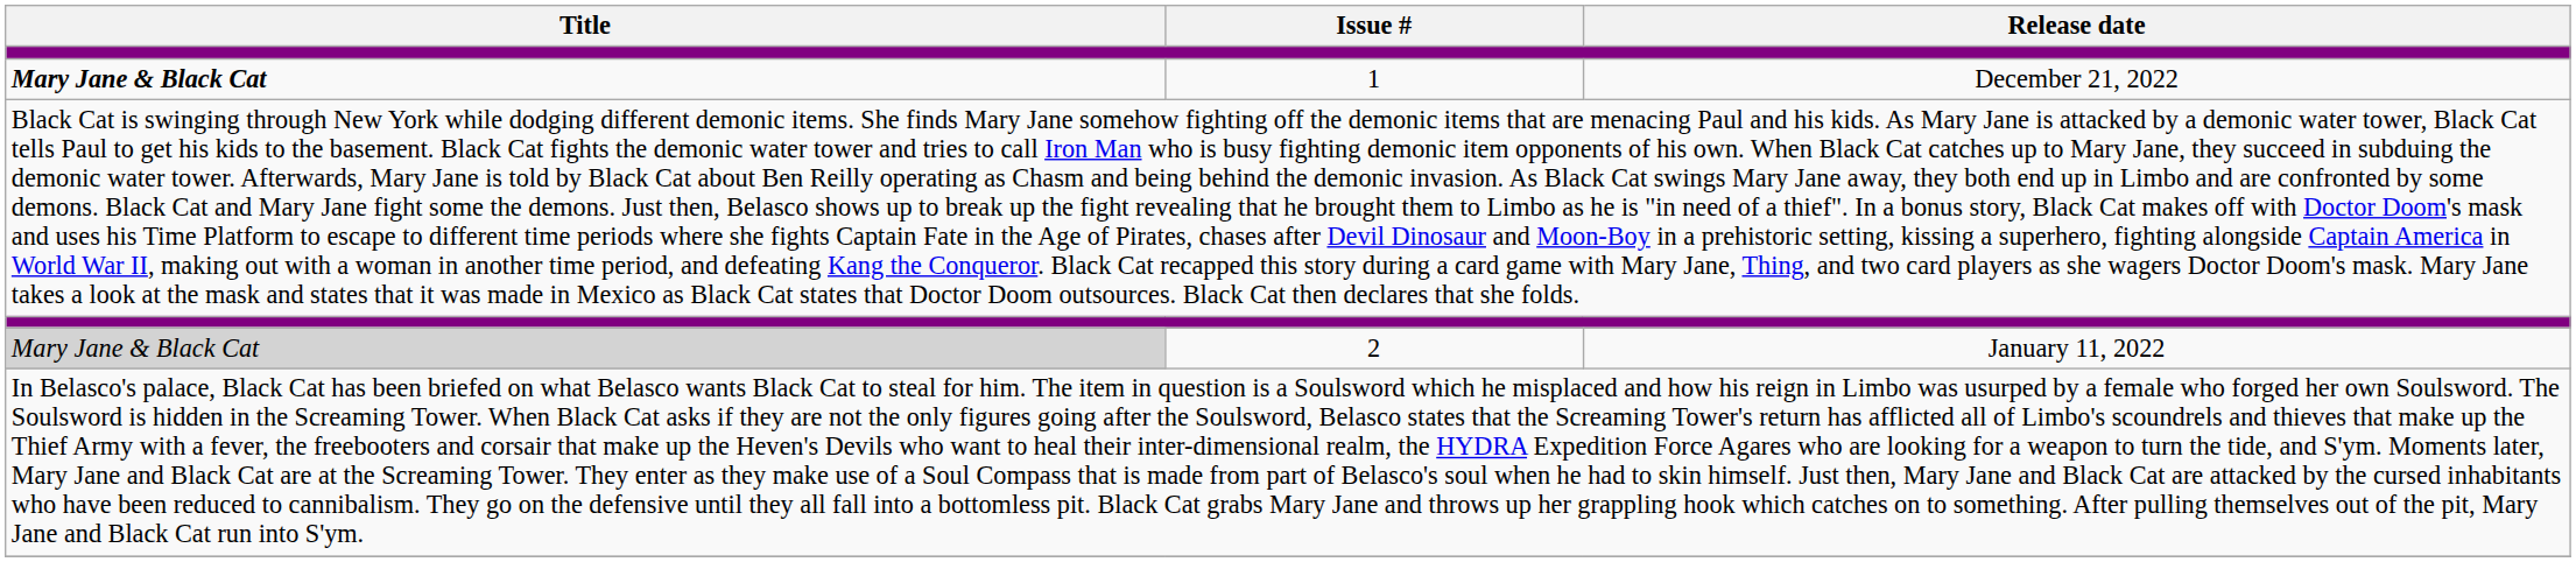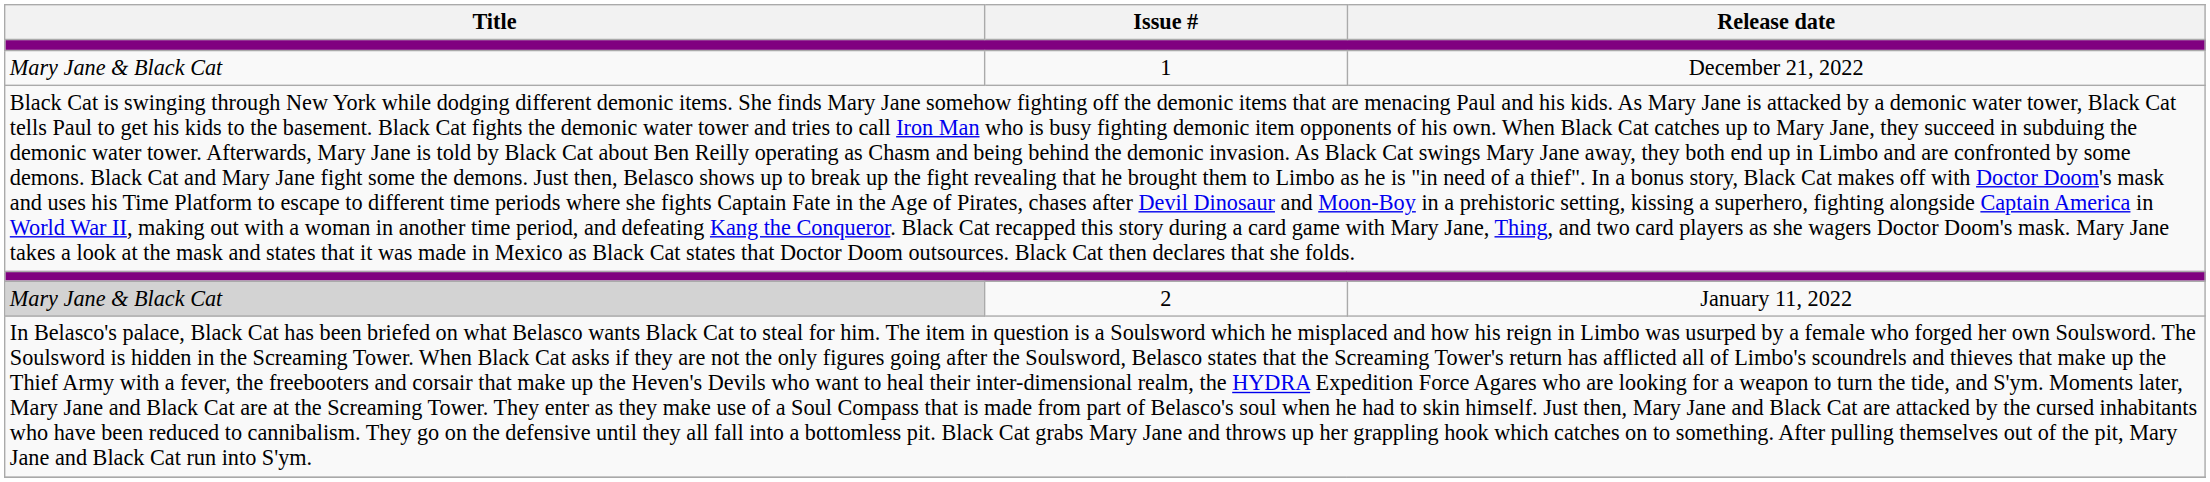 <table class="wikitable" style="width:100%;">
 <tr>
 <th>Title</th>
 <th>Issue #</th>
 <th>Release date</th>
 </tr>
 <tr>
 <td colspan="6" style="background:purple"></td>
 </tr>
 <tr>
-<td><strong><em>Mary Jane & Black Cat</em></strong></td>
+<td><em>Mary Jane & Black Cat</em></td>
 <td style="text-align:center;">1</td>
 <td style="text-align:center;">December 21, 2022</td>
 </tr>
 <tr>
 <td colspan="6">Black Cat is swinging through New York while dodging different demonic items. She finds Mary Jane somehow fighting off the demonic items that are menacing Paul and his kids. As Mary Jane is attacked by a demonic water tower, Black Cat tells Paul to get his kids to the basement. Black Cat fights the demonic water tower and tries to call <a href='#'>Iron Man</a> who is busy fighting demonic item opponents of his own. When Black Cat catches up to Mary Jane, they succeed in subduing the demonic water tower. Afterwards, Mary Jane is told by Black Cat about Ben Reilly operating as Chasm and being behind the demonic invasion. As Black Cat swings Mary Jane away, they both end up in Limbo and are confronted by some demons. Black Cat and Mary Jane fight some the demons. Just then, Belasco shows up to break up the fight revealing that he brought them to Limbo as he is "in need of a thief". In a bonus story, Black Cat makes off with <a href='#'>Doctor Doom</a>'s mask and uses his Time Platform to escape to different time periods where she fights Captain Fate in the Age of Pirates, chases after <a href='#'>Devil Dinosaur</a> and <a href='#'>Moon-Boy</a> in a prehistoric setting, kissing a superhero, fighting alongside <a href='#'>Captain America</a> in <a href='#'>World War II</a>, making out with a woman in another time period, and defeating <a href='#'>Kang the Conqueror</a>. Black Cat recapped this story during a card game with Mary Jane, <a href='#'>Thing</a>, and two card players as she wagers Doctor Doom's mask. Mary Jane takes a look at the mask and states that it was made in Mexico as Black Cat states that Doctor Doom outsources. Black Cat then declares that she folds.</td>
 </tr>
 <tr>
 <td colspan="6" style="background:purple"></td>
 </tr>
 <tr>
 <td style="background: lightgrey;"><em>Mary Jane & Black Cat</em></td>
 <td style="text-align:center;">2</td>
 <td style="text-align:center;">January 11, 2022</td>
 </tr>
 <tr>
 <td colspan="6">In Belasco's palace, Black Cat has been briefed on what Belasco wants Black Cat to steal for him. The item in question is a Soulsword which he misplaced and how his reign in Limbo was usurped by a female who forged her own Soulsword. The Soulsword is hidden in the Screaming Tower. When Black Cat asks if they are not the only figures going after the Soulsword, Belasco states that the Screaming Tower's return has afflicted all of Limbo's scoundrels and thieves that make up the Thief Army with a fever, the freebooters and corsair that make up the Heven's Devils who want to heal their inter-dimensional realm, the <a href='#'>HYDRA</a> Expedition Force Agares who are looking for a weapon to turn the tide, and S'ym. Moments later, Mary Jane and Black Cat are at the Screaming Tower. They enter as they make use of a Soul Compass that is made from part of Belasco's soul when he had to skin himself. Just then, Mary Jane and Black Cat are attacked by the cursed inhabitants who have been reduced to cannibalism. They go on the defensive until they all fall into a bottomless pit. Black Cat grabs Mary Jane and throws up her grappling hook which catches on to something. After pulling themselves out of the pit, Mary Jane and Black Cat run into S'ym.</td>
 </tr>
 <tr>
 </tr>
 </table>
